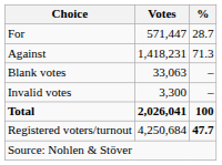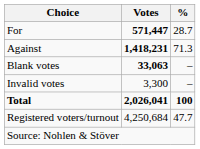 <table class=wikitable style=text-align:right>
 <tr>
 <th>Choice</th>
 <th>Votes</th>
 <th>%</th>
 </tr>
 <tr>
 <td align=left>For</td>
-<td>571,447</td>
+<td><strong>571,447</strong></td>
 <td>28.7</td>
 </tr>
 <tr>
 <td align=left>Against</td>
-<td>1,418,231</td>
+<td><strong>1,418,231</strong></td>
 <td>71.3</td>
 </tr>
 <tr>
 <td align=left>Blank votes</td>
-<td>33,063</td>
+<td><strong>33,063</strong></td>
 <td>–</td>
 </tr>
 <tr>
 <td align=left>Invalid votes</td>
 <td>3,300</td>
 <td>–</td>
 </tr>
 <tr>
 <td align=left><strong>Total</strong></td>
 <td><strong>2,026,041</strong></td>
 <td><strong>100</strong></td>
 </tr>
 <tr>
 <td align=left>Registered voters/turnout</td>
 <td>4,250,684</td>
-<td><strong>47.7</strong></td>
+<td>47.7</td>
 </tr>
 <tr>
 <td align=left colspan=3>Source: Nohlen & Stöver</td>
 </tr>
 </table>
